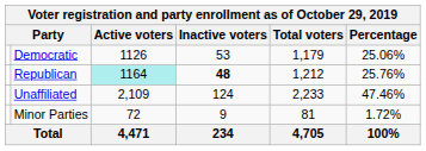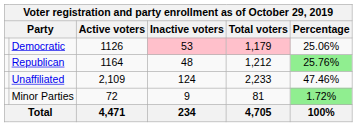 <table class=wikitable>
 <tr>
 <th colspan = 6>Voter registration and party enrollment as of October 29, 2019</th>
 </tr>
 <tr>
 <th colspan = 2>Party</th>
 <th>Active voters</th>
 <th>Inactive voters</th>
 <th>Total voters</th>
 <th>Percentage</th>
 </tr>
 <tr>
 <td></td>
 <td><a href='#'>Democratic</a></td>
 <td align = center>1126</td>
-<td align = center>53</td>
-<td align = center>1,179</td>
+<td align = center style="background: pink;">53</td>
+<td align = center style="background: pink;">1,179</td>
 <td align = center>25.06%</td>
 </tr>
 <tr>
 <td></td>
 <td><a href='#'>Republican</a></td>
-<td align = center style="background: paleturquoise;">1164</td>
-<td align = center><strong>48</strong></td>
+<td align = center>1164</td>
+<td align = center>48</td>
 <td align = center>1,212</td>
-<td align = center>25.76%</td>
+<td align = center style="background: lightgreen;">25.76%</td>
 </tr>
 <tr>
 <td></td>
 <td><a href='#'>Unaffiliated</a></td>
 <td align = center>2,109</td>
 <td align = center>124</td>
 <td align = center>2,233</td>
 <td align = center>47.46%</td>
 </tr>
 <tr>
 <td></td>
 <td>Minor Parties</td>
 <td align = center>72</td>
 <td align = center>9</td>
 <td align = center>81</td>
-<td align = center>1.72%</td>
+<td align = center style="background: lightgreen;">1.72%</td>
 </tr>
 <tr>
 <th colspan = 2>Total</th>
 <th align = center>4,471</th>
 <th align = center>234</th>
 <th align = center>4,705</th>
 <th align = center>100%</th>
 </tr>
 </table>
